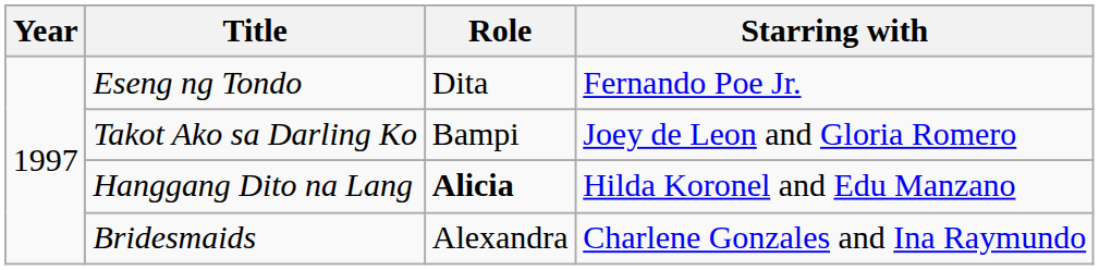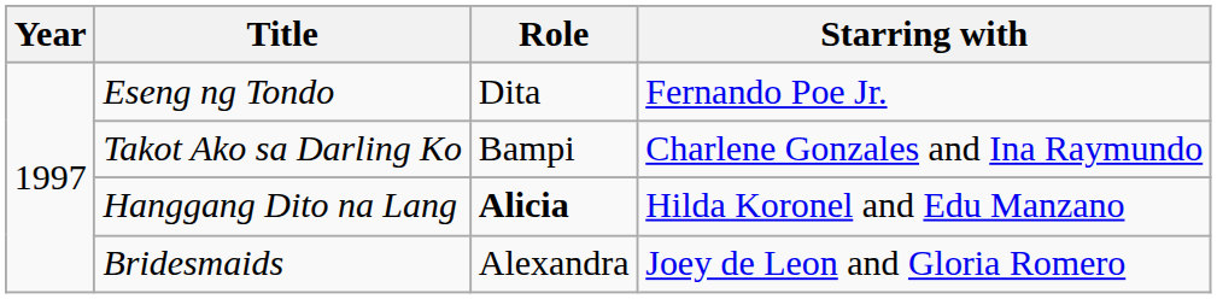 <table class="wikitable">
 <tr>
 <th>Year</th>
 <th>Title</th>
 <th>Role</th>
 <th>Starring with</th>
 </tr>
 <tr>
 <td rowspan="4">1997</td>
 <td><em>Eseng ng Tondo</em></td>
 <td>Dita</td>
 <td><a href='#'>Fernando Poe Jr.</a></td>
 </tr>
 <tr>
 <td><em>Takot Ako sa Darling Ko</em></td>
 <td>Bampi</td>
-<td><a href='#'>Joey de Leon</a> and <a href='#'>Gloria Romero</a></td>
+<td><a href='#'>Charlene Gonzales</a> and <a href='#'>Ina Raymundo</a></td>
 </tr>
 <tr>
 <td><em>Hanggang Dito na Lang</em></td>
 <td><strong>Alicia</strong></td>
 <td><a href='#'>Hilda Koronel</a> and <a href='#'>Edu Manzano</a></td>
 </tr>
 <tr>
 <td><em>Bridesmaids</em></td>
 <td>Alexandra</td>
-<td><a href='#'>Charlene Gonzales</a> and <a href='#'>Ina Raymundo</a></td>
+<td><a href='#'>Joey de Leon</a> and <a href='#'>Gloria Romero</a></td>
 </tr>
 </table>
